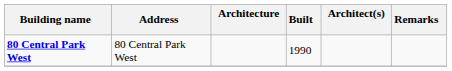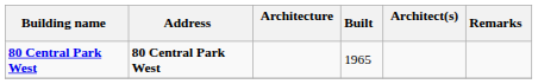 <table class="wikitable sortable" style="width:100%">
 <tr>
 <th width="*"><strong>Building name</strong>  </th>
 <th width="*"><strong>Address</strong>  </th>
 <th width="*"><strong>Architecture</strong>   </th>
 <th width="*"><strong>Built</strong>  </th>
 <th width="*"><strong>Architect(s)</strong>   </th>
 <th width="*"><strong>Remarks</strong>  </th>
 </tr>
 <tr ->
 <td><strong><a href='#'>80 Central Park West</a></strong></td>
-<td>80 Central Park West</td>
+<td><strong>80 Central Park West</strong></td>
 <td></td>
-<td>1990</td>
+<td>1965</td>
 <td></td>
 <td></td>
 </tr>
 <tr ->
 </tr>
 </table>
